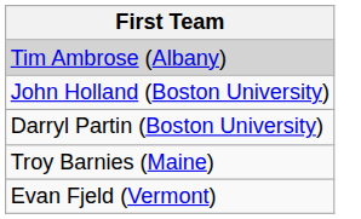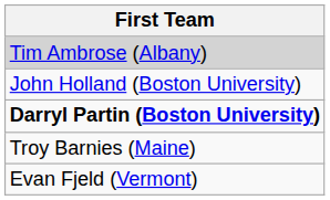 <table class="wikitable">
 <tr>
 <th>First Team</th>
 </tr>
 <tr>
 <td style="background: lightgrey;"><a href='#'>Tim Ambrose</a> (<a href='#'>Albany</a>)</td>
 </tr>
 <tr>
 <td><a href='#'>John Holland</a> (<a href='#'>Boston University</a>)</td>
 </tr>
 <tr>
-<td>Darryl Partin (<a href='#'>Boston University</a>)</td>
+<td><strong>Darryl Partin (<a href='#'>Boston University</a>)</strong></td>
 </tr>
 <tr>
 <td>Troy Barnies (<a href='#'>Maine</a>)</td>
 </tr>
 <tr>
 <td>Evan Fjeld (<a href='#'>Vermont</a>)</td>
 </tr>
 </table>
